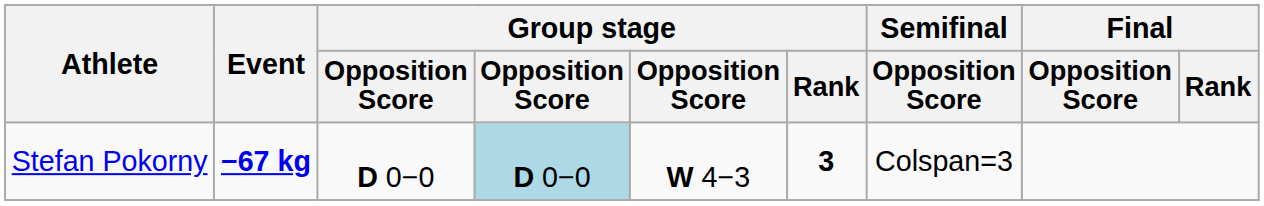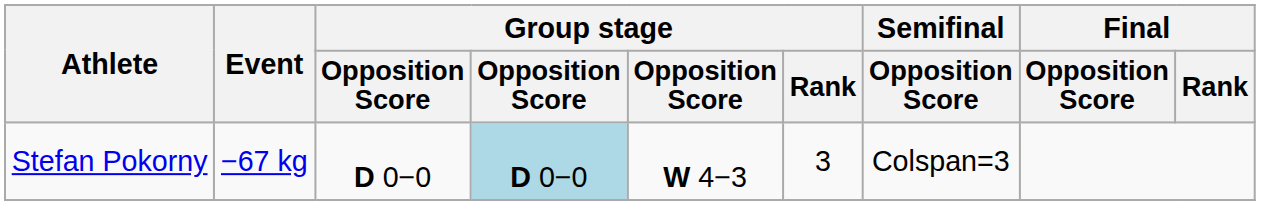 <table class="wikitable" style="text-align:center; font-size:90%">
 <tr>
 <th rowspan=2>Athlete</th>
 <th rowspan=2>Event</th>
 <th colspan=4>Group stage</th>
 <th>Semifinal</th>
 <th colspan=2>Final</th>
 </tr>
 <tr style="font-size:95%">
 <th>Opposition<br>Score</th>
 <th>Opposition<br>Score</th>
 <th>Opposition<br>Score</th>
 <th>Rank</th>
 <th>Opposition<br>Score</th>
 <th>Opposition<br>Score</th>
 <th>Rank</th>
 </tr>
 <tr>
 <td align=left><a href='#'>Stefan Pokorny</a></td>
-<td align=left><strong><a href='#'>−67 kg</a></strong></td>
+<td align=left><a href='#'>−67 kg</a></td>
 <td><br><strong>D</strong> 0−0</td>
 <td style="background: lightblue;"><br><strong>D</strong> 0−0</td>
 <td><br><strong>W</strong> 4−3</td>
-<td><strong>3</strong></td>
+<td>3</td>
 <td>Colspan=3</td>
 </tr>
 </table>
